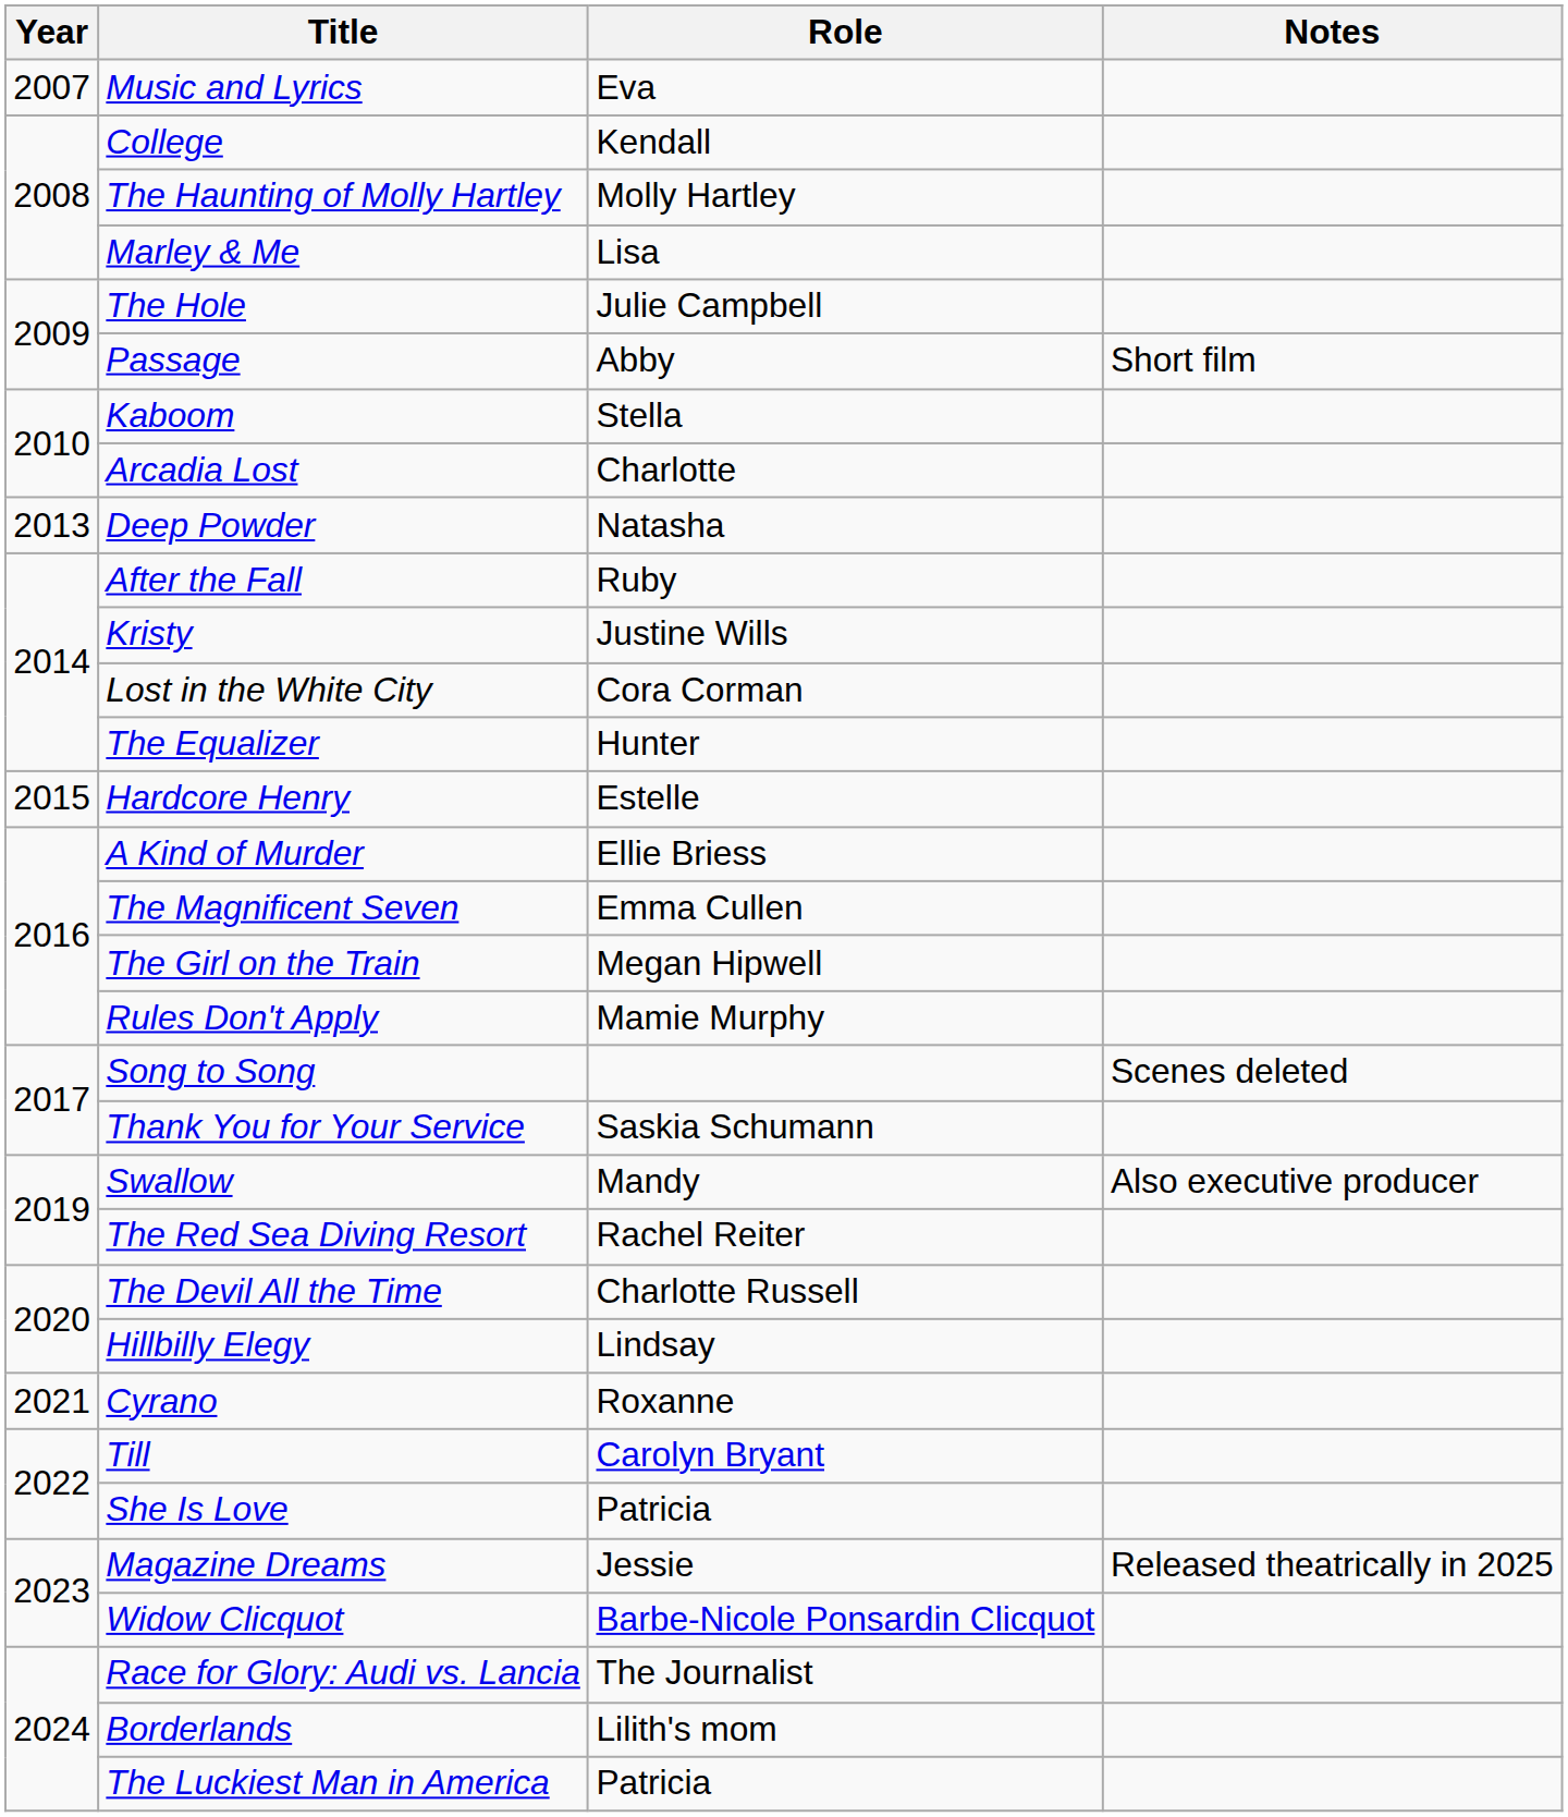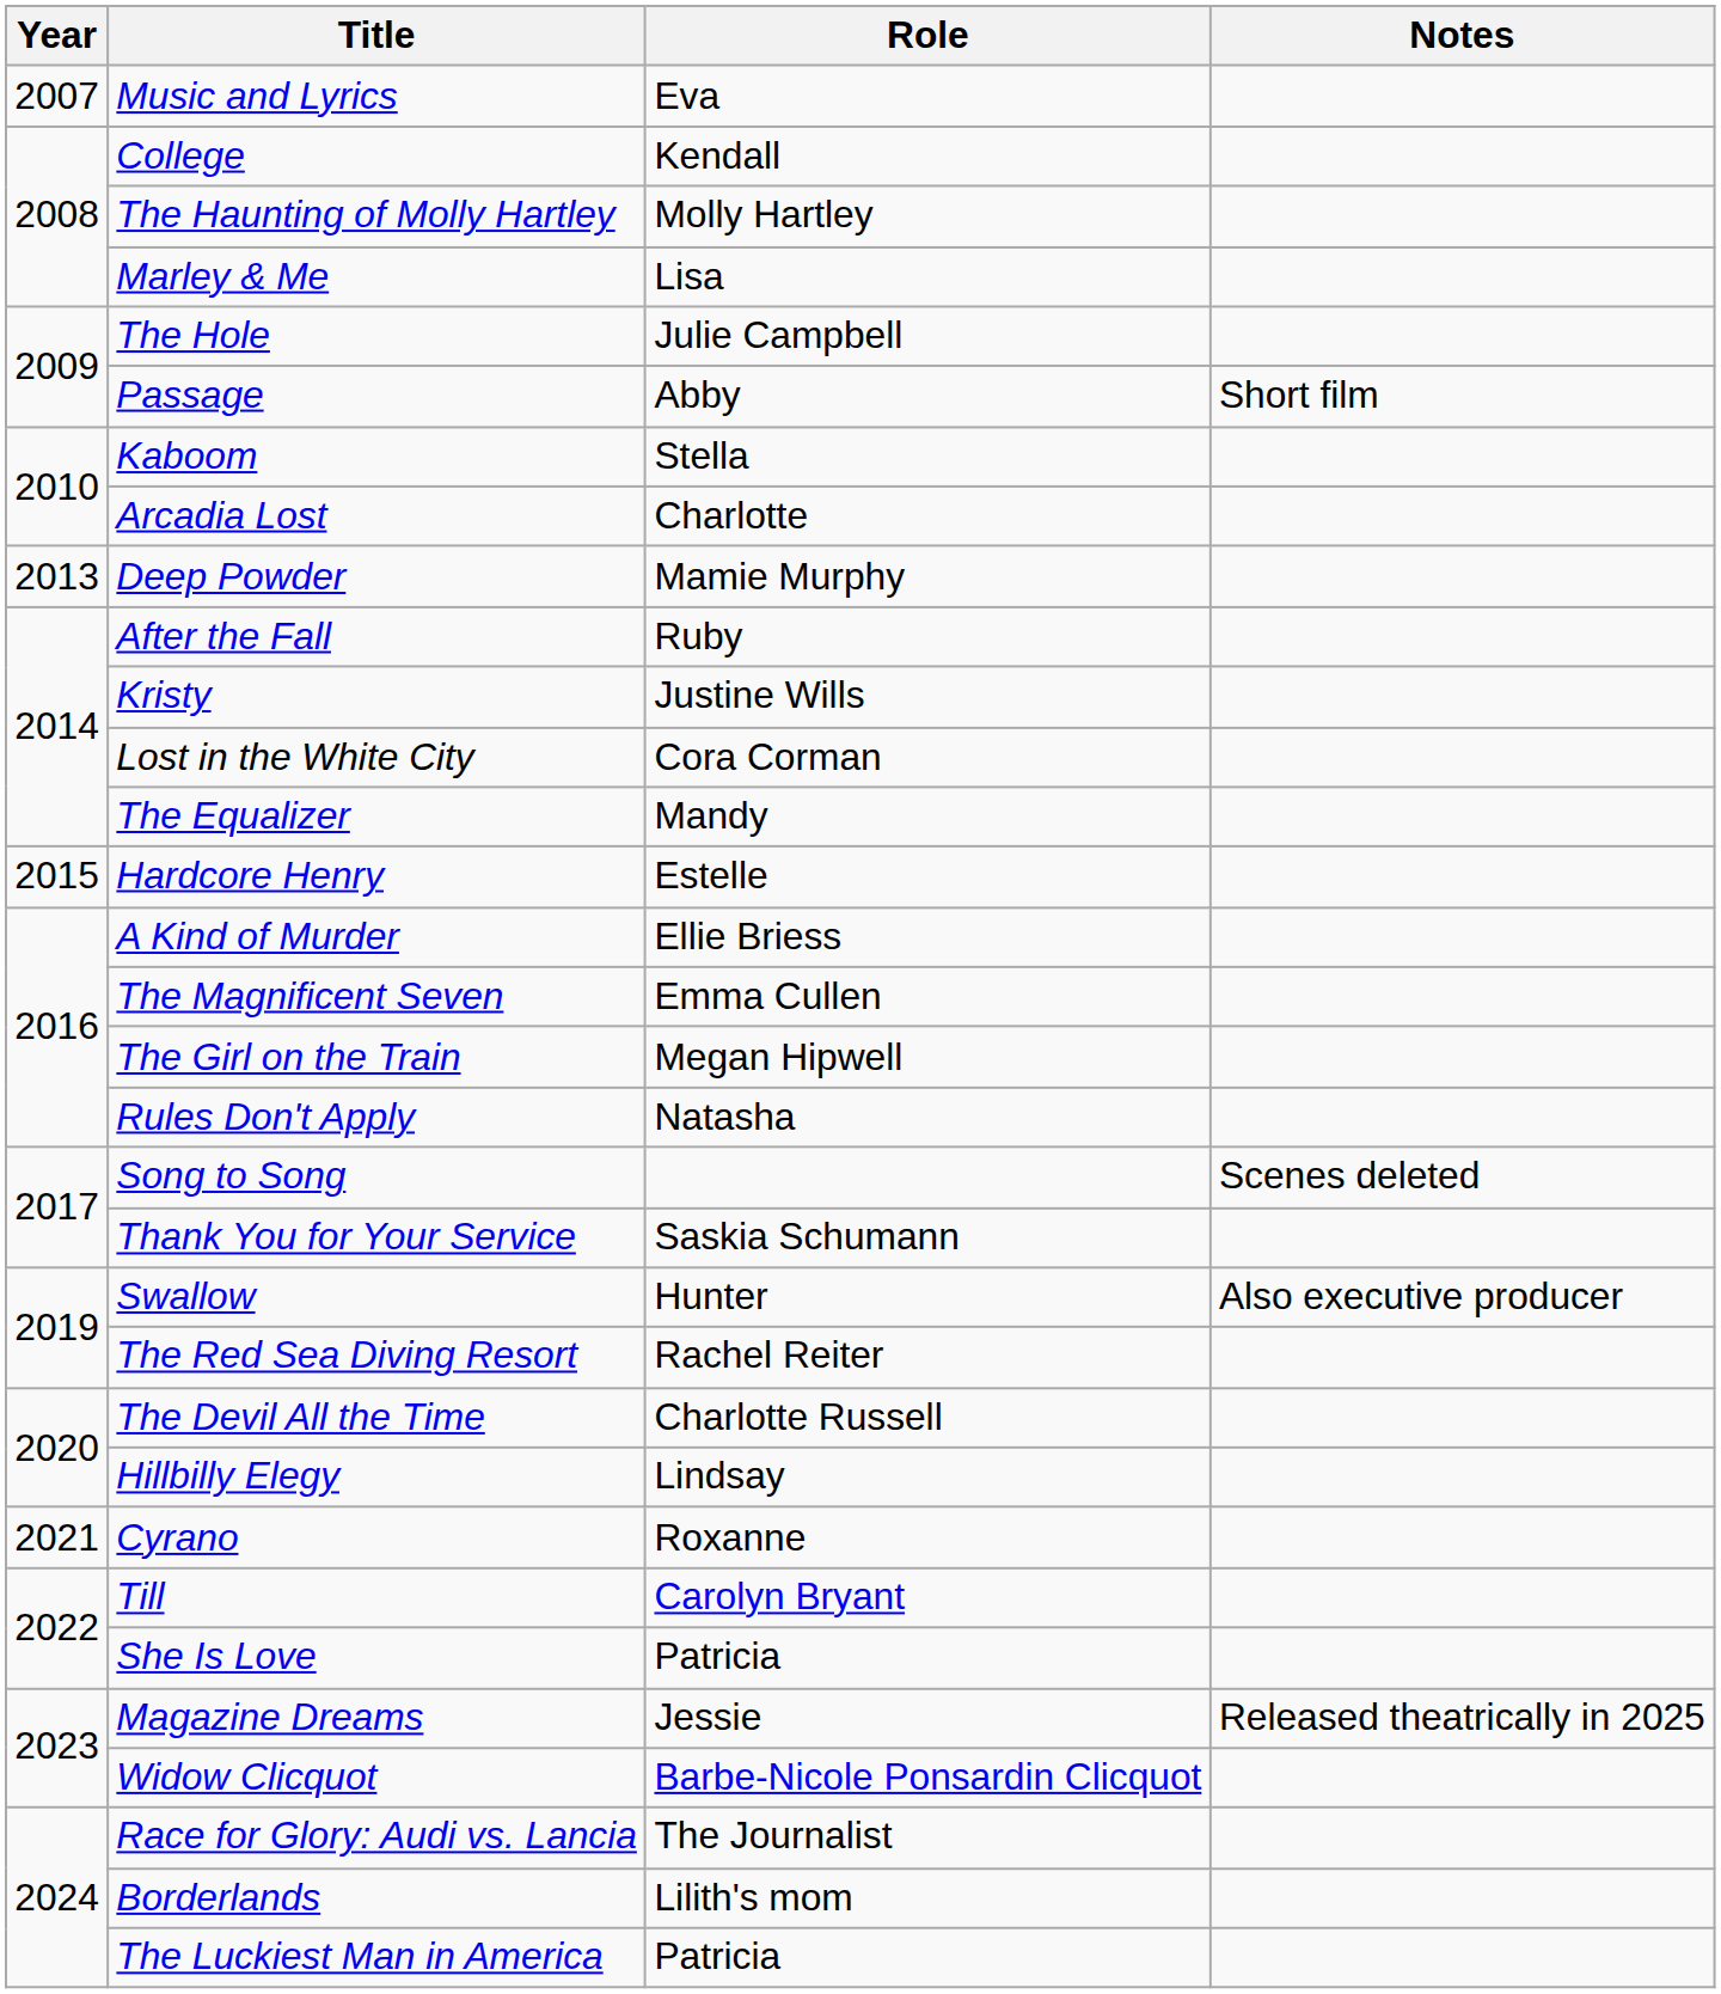 <table class="wikitable sortable">
 <tr>
 <th>Year</th>
 <th>Title</th>
 <th>Role</th>
 <th class="unsortable">Notes</th>
 </tr>
 <tr>
 <td>2007</td>
 <td><em><a href='#'>Music and Lyrics</a></em></td>
 <td>Eva</td>
 <td></td>
 </tr>
 <tr>
 <td rowspan=3>2008</td>
 <td><em><a href='#'>College</a></em></td>
 <td>Kendall</td>
 <td></td>
 </tr>
 <tr>
 <td><em><a href='#'>The Haunting of Molly Hartley</a></em></td>
 <td>Molly Hartley</td>
 <td></td>
 </tr>
 <tr>
 <td><em><a href='#'>Marley & Me</a></em></td>
 <td>Lisa</td>
 <td></td>
 </tr>
 <tr>
 <td rowspan=2>2009</td>
 <td><em><a href='#'>The Hole</a></em></td>
 <td>Julie Campbell</td>
 <td></td>
 </tr>
 <tr>
 <td><em><a href='#'>Passage</a></em></td>
 <td>Abby</td>
 <td>Short film</td>
 </tr>
 <tr>
 <td rowspan=2>2010</td>
 <td><em><a href='#'>Kaboom</a></em></td>
 <td>Stella</td>
 <td></td>
 </tr>
 <tr>
 <td><em><a href='#'>Arcadia Lost</a></em></td>
 <td>Charlotte</td>
 <td></td>
 </tr>
 <tr>
 <td>2013</td>
 <td><em><a href='#'>Deep Powder</a></em></td>
-<td>Natasha</td>
+<td>Mamie Murphy</td>
 <td></td>
 </tr>
 <tr>
 <td rowspan=4>2014</td>
 <td><em><a href='#'>After the Fall</a></em></td>
 <td>Ruby</td>
 <td></td>
 </tr>
 <tr>
 <td><em><a href='#'>Kristy</a></em></td>
 <td>Justine Wills</td>
 <td></td>
 </tr>
 <tr>
 <td><em>Lost in the White City</em></td>
 <td>Cora Corman</td>
 <td></td>
 </tr>
 <tr>
 <td><em><a href='#'>The Equalizer</a></em></td>
-<td>Hunter</td>
+<td>Mandy</td>
 <td></td>
 </tr>
 <tr>
 <td>2015</td>
 <td><em><a href='#'>Hardcore Henry</a></em></td>
 <td>Estelle</td>
 <td></td>
 </tr>
 <tr>
 <td rowspan=4>2016</td>
 <td><em><a href='#'>A Kind of Murder</a></em></td>
 <td>Ellie Briess</td>
 <td></td>
 </tr>
 <tr>
 <td><em><a href='#'>The Magnificent Seven</a></em></td>
 <td>Emma Cullen</td>
 <td></td>
 </tr>
 <tr>
 <td><em><a href='#'>The Girl on the Train</a></em></td>
 <td>Megan Hipwell</td>
 <td></td>
 </tr>
 <tr>
 <td><em><a href='#'>Rules Don't Apply</a></em></td>
-<td>Mamie Murphy</td>
+<td>Natasha</td>
 <td></td>
 </tr>
 <tr>
 <td rowspan=2>2017</td>
 <td><em><a href='#'>Song to Song</a></em></td>
 <td></td>
 <td>Scenes deleted</td>
 </tr>
 <tr>
 <td><em><a href='#'>Thank You for Your Service</a></em></td>
 <td>Saskia Schumann</td>
 <td></td>
 </tr>
 <tr>
 <td rowspan=2>2019</td>
 <td><em><a href='#'>Swallow</a></em></td>
-<td>Mandy</td>
+<td>Hunter</td>
 <td>Also executive producer</td>
 </tr>
 <tr>
 <td><em><a href='#'>The Red Sea Diving Resort</a></em></td>
 <td>Rachel Reiter</td>
 <td></td>
 </tr>
 <tr>
 <td rowspan=2>2020</td>
 <td><em><a href='#'>The Devil All the Time</a></em></td>
 <td>Charlotte Russell</td>
 <td></td>
 </tr>
 <tr>
 <td><em><a href='#'>Hillbilly Elegy</a></em></td>
 <td>Lindsay</td>
 <td></td>
 </tr>
 <tr>
 <td>2021</td>
 <td><em><a href='#'>Cyrano</a></em></td>
 <td>Roxanne</td>
 <td></td>
 </tr>
 <tr>
 <td rowspan=2>2022</td>
 <td><em><a href='#'>Till</a></em></td>
 <td><a href='#'>Carolyn Bryant</a></td>
 <td></td>
 </tr>
 <tr>
 <td><em><a href='#'>She Is Love</a></em></td>
 <td>Patricia</td>
 <td></td>
 </tr>
 <tr>
 <td rowspan=2>2023</td>
 <td><em><a href='#'>Magazine Dreams</a></em></td>
 <td>Jessie</td>
 <td>Released theatrically in 2025</td>
 </tr>
 <tr>
 <td><em><a href='#'>Widow Clicquot</a></em></td>
 <td><a href='#'>Barbe-Nicole Ponsardin Clicquot</a></td>
 <td></td>
 </tr>
 <tr>
 <td rowspan=3>2024</td>
 <td><em><a href='#'>Race for Glory: Audi vs. Lancia</a></em></td>
 <td>The Journalist</td>
 <td></td>
 </tr>
 <tr>
 <td><em><a href='#'>Borderlands</a></em></td>
 <td>Lilith's mom</td>
 <td></td>
 </tr>
 <tr>
 <td><em><a href='#'>The Luckiest Man in America</a></em></td>
 <td>Patricia</td>
 <td></td>
 </tr>
 </table>
